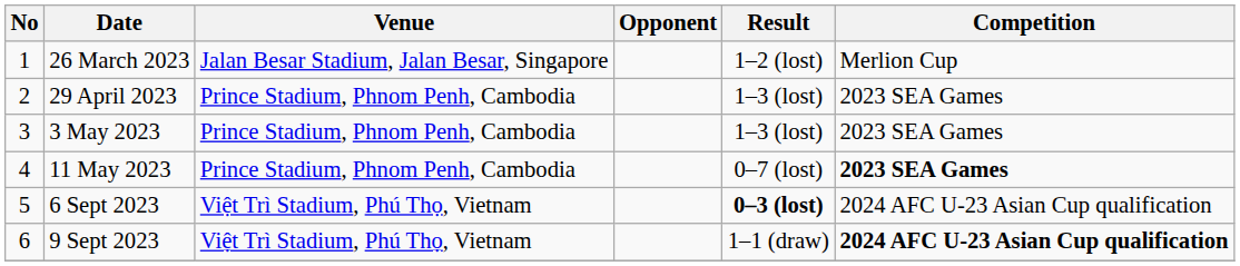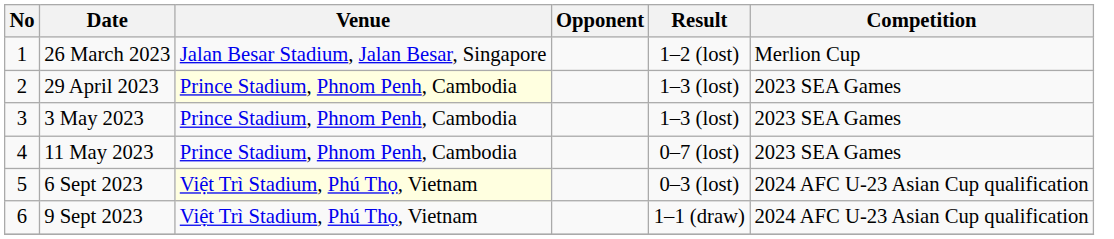 <table class="wikitable">
 <tr>
 <th>No</th>
 <th>Date</th>
 <th>Venue</th>
 <th>Opponent</th>
 <th>Result</th>
 <th>Competition</th>
 </tr>
 <tr>
 <td align=center>1</td>
 <td>26 March 2023</td>
 <td><a href='#'>Jalan Besar Stadium</a>, <a href='#'>Jalan Besar</a>, Singapore</td>
 <td></td>
 <td align=center>1–2 (lost)</td>
 <td>Merlion Cup</td>
 </tr>
 <tr>
 <td align=center>2</td>
 <td>29 April 2023</td>
-<td><a href='#'>Prince Stadium</a>, <a href='#'>Phnom Penh</a>, Cambodia</td>
+<td style="background: lightyellow;"><a href='#'>Prince Stadium</a>, <a href='#'>Phnom Penh</a>, Cambodia</td>
 <td></td>
 <td align=center>1–3 (lost)</td>
 <td>2023 SEA Games</td>
 </tr>
 <tr>
 <td align=center>3</td>
 <td>3 May 2023</td>
 <td><a href='#'>Prince Stadium</a>, <a href='#'>Phnom Penh</a>, Cambodia</td>
 <td></td>
 <td align=center>1–3 (lost)</td>
 <td>2023 SEA Games</td>
 </tr>
 <tr>
 <td align=center>4</td>
 <td>11 May 2023</td>
 <td><a href='#'>Prince Stadium</a>, <a href='#'>Phnom Penh</a>, Cambodia</td>
 <td></td>
 <td align=center>0–7 (lost)</td>
-<td><strong>2023 SEA Games</strong></td>
+<td>2023 SEA Games</td>
 </tr>
 <tr>
 <td align=center>5</td>
 <td>6 Sept 2023</td>
-<td><a href='#'>Việt Trì Stadium</a>, <a href='#'>Phú Thọ</a>, Vietnam</td>
+<td style="background: lightyellow;"><a href='#'>Việt Trì Stadium</a>, <a href='#'>Phú Thọ</a>, Vietnam</td>
 <td></td>
-<td align=center><strong>0–3 (lost)</strong></td>
+<td align=center>0–3 (lost)</td>
 <td>2024 AFC U-23 Asian Cup qualification</td>
 </tr>
 <tr>
 <td align=center>6</td>
 <td>9 Sept 2023</td>
 <td><a href='#'>Việt Trì Stadium</a>, <a href='#'>Phú Thọ</a>, Vietnam</td>
 <td></td>
 <td align=center>1–1 (draw)</td>
-<td><strong>2024 AFC U-23 Asian Cup qualification</strong></td>
+<td>2024 AFC U-23 Asian Cup qualification</td>
 </tr>
 <tr>
 </tr>
 </table>
